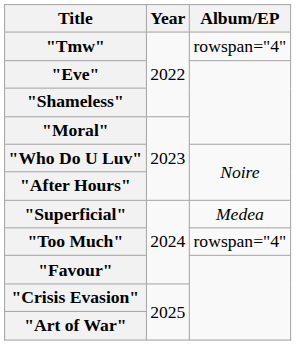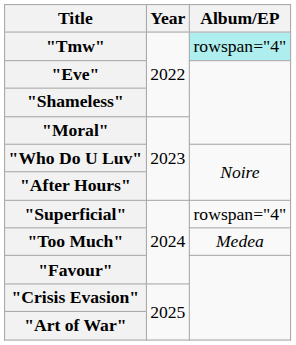 <table class="wikitable plainrowheaders" style="text-align:center;">
 <tr>
 <th scope="col">Title</th>
 <th scope="col">Year</th>
 <th scope="col">Album/EP</th>
 </tr>
 <tr>
 <th scope="row">"Tmw"</th>
 <td rowspan="3">2022</td>
-<td>rowspan="4" </td>
+<td style="background: paleturquoise;">rowspan="4" </td>
 </tr>
 <tr>
 <th scope="row">"Eve"</th>
 </tr>
 <tr>
 <th scope="row">"Shameless"</th>
 </tr>
 <tr>
 <th scope="row">"Moral"</th>
 <td rowspan="3">2023</td>
 </tr>
 <tr>
 <th scope="row">"Who Do U Luv"</th>
 <td rowspan="2"><em>Noire</em></td>
 </tr>
 <tr>
 <th scope="row">"After Hours"</th>
 </tr>
 <tr>
 <th scope="row">"Superficial"</th>
 <td rowspan="3">2024</td>
-<td><em>Medea</em></td>
+<td>rowspan="4" </td>
 </tr>
 <tr>
 <th scope="row">"Too Much"</th>
-<td>rowspan="4" </td>
+<td><em>Medea</em></td>
 </tr>
 <tr>
 <th scope="row">"Favour"</th>
 </tr>
 <tr>
 <th scope="row">"Crisis Evasion"<br></th>
 <td rowspan="2">2025</td>
 </tr>
 <tr>
 <th scope="row">"Art of War"</th>
 </tr>
 </table>
